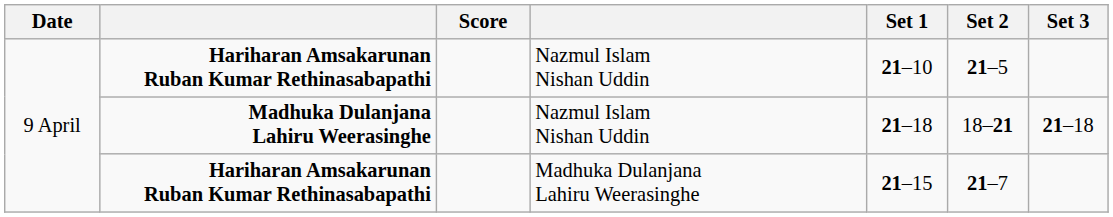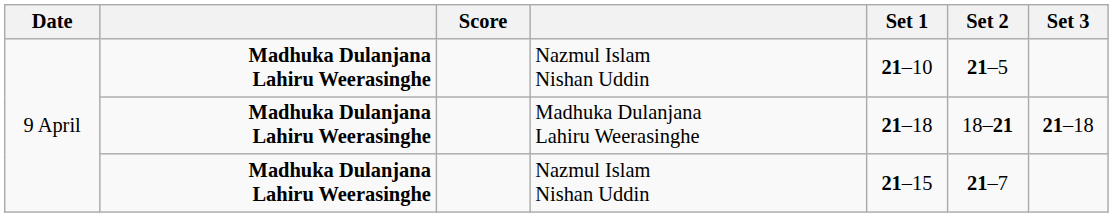 <table class="wikitable" style="text-align: center; font-size:90%">
 <tr>
 <th width="60">Date</th>
 <th align="right" width="230"></th>
 <th width="60">Score</th>
 <th align="left" width="230"></th>
 <th width="50">Set 1</th>
 <th width="50">Set 2</th>
 <th width="50">Set 3</th>
 </tr>
 <tr>
 <td rowspan="3">9 April</td>
-<td align="right"><strong>Hariharan Amsakarunan <br>Ruban Kumar Rethinasabapathi </strong></td>
+<td align="right"><strong>Madhuka Dulanjana <br>Lahiru Weerasinghe </strong></td>
 <td></td>
 <td align="left"> Nazmul Islam<br> Nishan Uddin</td>
 <td><strong>21</strong>–10</td>
 <td><strong>21</strong>–5</td>
 <td></td>
 </tr>
 <tr>
 <td align="right"><strong>Madhuka Dulanjana <br>Lahiru Weerasinghe </strong></td>
 <td></td>
-<td align="left"> Nazmul Islam<br> Nishan Uddin</td>
+<td align="left"> Madhuka Dulanjana<br> Lahiru Weerasinghe</td>
 <td><strong>21</strong>–18</td>
 <td>18–<strong>21</strong></td>
 <td><strong>21</strong>–18</td>
 </tr>
 <tr>
-<td align="right"><strong>Hariharan Amsakarunan <br>Ruban Kumar Rethinasabapathi </strong></td>
+<td align="right"><strong>Madhuka Dulanjana <br>Lahiru Weerasinghe </strong></td>
 <td></td>
-<td align="left"> Madhuka Dulanjana<br> Lahiru Weerasinghe</td>
+<td align="left"> Nazmul Islam<br> Nishan Uddin</td>
 <td><strong>21</strong>–15</td>
 <td><strong>21</strong>–7</td>
 <td></td>
 </tr>
 </table>
